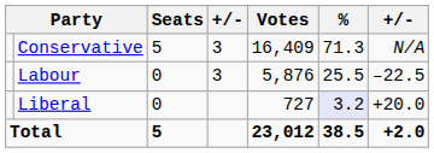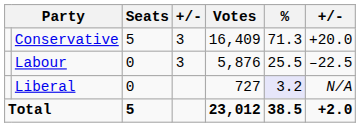 <table class="wikitable sortable">
 <tr>
 <th colspan="2">Party</th>
 <th>Seats</th>
 <th>+/-</th>
 <th>Votes</th>
 <th>%</th>
 <th>+/-</th>
 </tr>
 <tr>
 <td style="background-color: "></td>
 <td><a href='#'>Conservative</a></td>
 <td>5</td>
 <td> 3</td>
 <td style="text-align:right;">16,409</td>
 <td style="text-align:right;">71.3</td>
-<td style="text-align:right;"><em>N/A</em></td>
+<td style="text-align:right;">+20.0</td>
 </tr>
 <tr>
 <td style="background-color: "></td>
 <td><a href='#'>Labour</a></td>
 <td>0</td>
 <td> 3</td>
 <td style="text-align:right;">5,876</td>
 <td style="text-align:right;">25.5</td>
 <td style="text-align:right;">–22.5</td>
 </tr>
 <tr>
 <td style="background-color: "></td>
 <td><a href='#'>Liberal</a></td>
 <td>0</td>
 <td></td>
 <td style="text-align:right;">727</td>
 <td style="background: lavender; text-align:right;">3.2</td>
-<td style="text-align:right;">+20.0</td>
+<td style="text-align:right;"><em>N/A</em></td>
 </tr>
 <tr>
 <td colspan="2"><strong>Total</strong></td>
 <td><strong>5</strong></td>
 <td></td>
 <td style="text-align:right;"><strong>23,012</strong></td>
 <td style="text-align:right;"><strong>38.5</strong></td>
 <td style="text-align:right;"><strong>+2.0</strong></td>
 </tr>
 </table>
